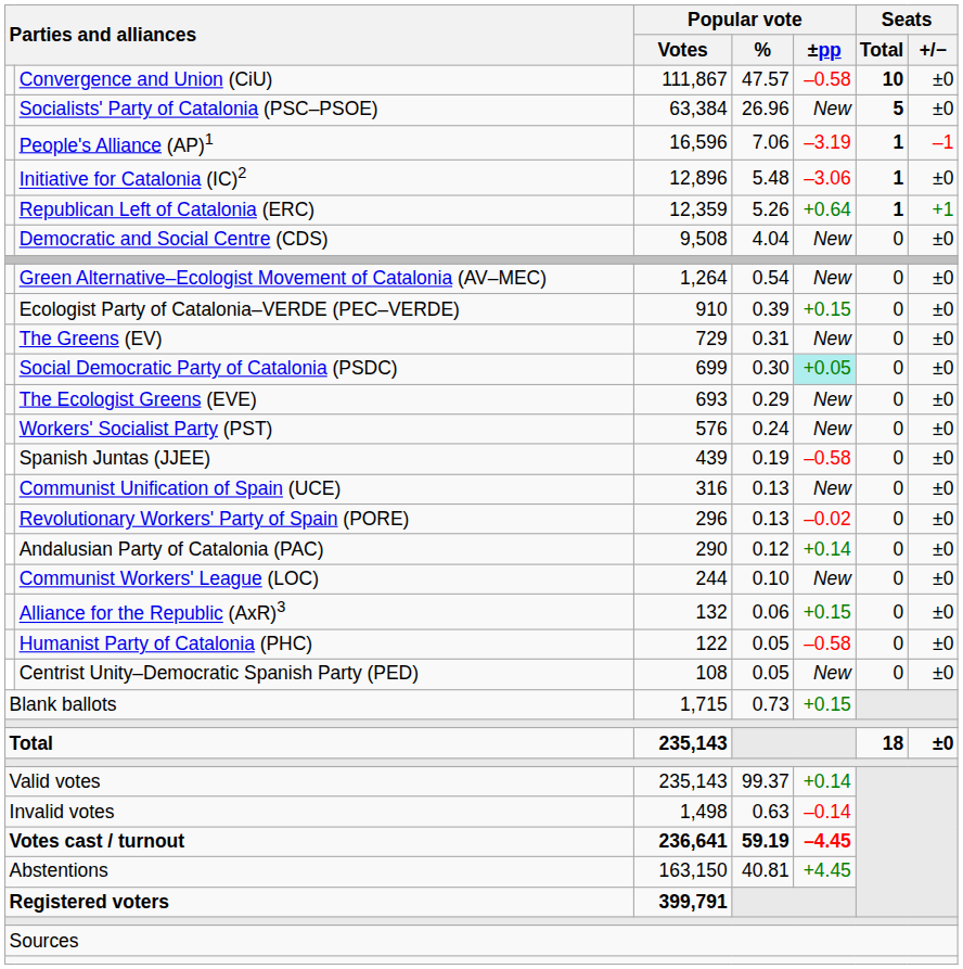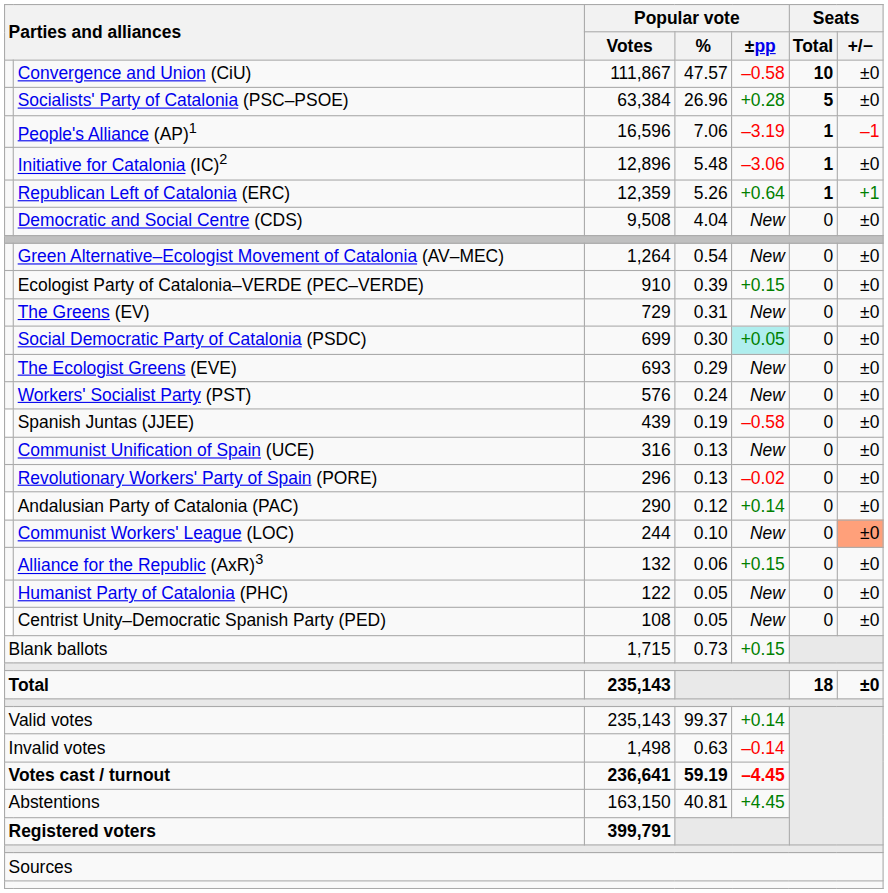 <table class="wikitable" style="text-align:right;">
 <tr>
 <th style="text-align:left;" rowspan="2" colspan="2" width="525">Parties and alliances</th>
 <th colspan="3">Popular vote</th>
 <th colspan="2">Seats</th>
 </tr>
 <tr>
 <th width="75">Votes</th>
 <th width="45">%</th>
 <th width="45">±<a href='#'>pp</a></th>
 <th width="35">Total</th>
 <th width="35">+/−</th>
 </tr>
 <tr>
 <td width="1" style="color:inherit;background:"></td>
 <td align="left"><a href='#'>Convergence and Union</a> (CiU)</td>
 <td>111,867</td>
 <td>47.57</td>
 <td style="color:red;">–0.58</td>
 <td><strong>10</strong></td>
 <td>±0</td>
 </tr>
 <tr>
 <td style="color:inherit;background:"></td>
 <td align="left"><a href='#'>Socialists' Party of Catalonia</a> (PSC–PSOE)</td>
 <td>63,384</td>
 <td>26.96</td>
-<td><em>New</em></td>
+<td style="color:green;">+0.28</td>
 <td><strong>5</strong></td>
 <td>±0</td>
 </tr>
 <tr>
 <td style="color:inherit;background:"></td>
 <td align="left"><a href='#'>People's Alliance</a> (AP)<sup>1</sup></td>
 <td>16,596</td>
 <td>7.06</td>
 <td style="color:red;">–3.19</td>
 <td><strong>1</strong></td>
 <td style="color:red;">–1</td>
 </tr>
 <tr>
 <td style="color:inherit;background:"></td>
 <td align="left"><a href='#'>Initiative for Catalonia</a> (IC)<sup>2</sup></td>
 <td>12,896</td>
 <td>5.48</td>
 <td style="color:red;">–3.06</td>
 <td><strong>1</strong></td>
 <td>±0</td>
 </tr>
 <tr>
 <td style="color:inherit;background:"></td>
 <td align="left"><a href='#'>Republican Left of Catalonia</a> (ERC)</td>
 <td>12,359</td>
 <td>5.26</td>
 <td style="color:green;">+0.64</td>
 <td><strong>1</strong></td>
 <td style="color:green;">+1</td>
 </tr>
 <tr>
 <td style="color:inherit;background:"></td>
 <td align="left"><a href='#'>Democratic and Social Centre</a> (CDS)</td>
 <td>9,508</td>
 <td>4.04</td>
 <td><em>New</em></td>
 <td>0</td>
 <td>±0</td>
 </tr>
 <tr>
 <td colspan="7" bgcolor="#C0C0C0"></td>
 </tr>
 <tr>
 <td style="color:inherit;background:"></td>
 <td align="left"><a href='#'>Green Alternative–Ecologist Movement of Catalonia</a> (AV–MEC)</td>
 <td>1,264</td>
 <td>0.54</td>
 <td><em>New</em></td>
 <td>0</td>
 <td>±0</td>
 </tr>
 <tr>
 <td style="color:inherit;background:"></td>
 <td align="left">Ecologist Party of Catalonia–VERDE (PEC–VERDE)</td>
 <td>910</td>
 <td>0.39</td>
 <td style="color:green;">+0.15</td>
 <td>0</td>
 <td>±0</td>
 </tr>
 <tr>
 <td style="color:inherit;background:"></td>
 <td align="left"><a href='#'>The Greens</a> (EV)</td>
 <td>729</td>
 <td>0.31</td>
 <td><em>New</em></td>
 <td>0</td>
 <td>±0</td>
 </tr>
 <tr>
 <td style="color:inherit;background:"></td>
 <td align="left"><a href='#'>Social Democratic Party of Catalonia</a> (PSDC)</td>
 <td>699</td>
 <td>0.30</td>
 <td style="background: paleturquoise; color:green;">+0.05</td>
 <td>0</td>
 <td>±0</td>
 </tr>
 <tr>
 <td style="color:inherit;background:"></td>
 <td align="left"><a href='#'>The Ecologist Greens</a> (EVE)</td>
 <td>693</td>
 <td>0.29</td>
 <td><em>New</em></td>
 <td>0</td>
 <td>±0</td>
 </tr>
 <tr>
 <td style="color:inherit;background:"></td>
 <td align="left"><a href='#'>Workers' Socialist Party</a> (PST)</td>
 <td>576</td>
 <td>0.24</td>
 <td><em>New</em></td>
 <td>0</td>
 <td>±0</td>
 </tr>
 <tr>
 <td bgcolor="white"></td>
 <td align="left">Spanish Juntas (JJEE)</td>
 <td>439</td>
 <td>0.19</td>
 <td style="color:red;">–0.58</td>
 <td>0</td>
 <td>±0</td>
 </tr>
 <tr>
 <td style="color:inherit;background:"></td>
 <td align="left"><a href='#'>Communist Unification of Spain</a> (UCE)</td>
 <td>316</td>
 <td>0.13</td>
 <td><em>New</em></td>
 <td>0</td>
 <td>±0</td>
 </tr>
 <tr>
 <td style="color:inherit;background:"></td>
 <td align="left"><a href='#'>Revolutionary Workers' Party of Spain</a> (PORE)</td>
 <td>296</td>
 <td>0.13</td>
 <td style="color:red;">–0.02</td>
 <td>0</td>
 <td>±0</td>
 </tr>
 <tr>
 <td bgcolor="white"></td>
 <td align="left">Andalusian Party of Catalonia (PAC)</td>
 <td>290</td>
 <td>0.12</td>
 <td style="color:green;">+0.14</td>
 <td>0</td>
 <td>±0</td>
 </tr>
 <tr>
 <td style="color:inherit;background:"></td>
 <td align="left"><a href='#'>Communist Workers' League</a> (LOC)</td>
 <td>244</td>
 <td>0.10</td>
 <td><em>New</em></td>
 <td>0</td>
-<td>±0</td>
+<td style="background: lightsalmon;">±0</td>
 </tr>
 <tr>
 <td style="color:inherit;background:"></td>
 <td align="left"><a href='#'>Alliance for the Republic</a> (AxR)<sup>3</sup></td>
 <td>132</td>
 <td>0.06</td>
 <td style="color:green;">+0.15</td>
 <td>0</td>
 <td>±0</td>
 </tr>
 <tr>
 <td style="color:inherit;background:"></td>
 <td align="left"><a href='#'>Humanist Party of Catalonia</a> (PHC)</td>
 <td>122</td>
 <td>0.05</td>
-<td style="color:red;">–0.58</td>
+<td><em>New</em></td>
 <td>0</td>
 <td>±0</td>
 </tr>
 <tr>
 <td bgcolor="white"></td>
 <td align="left">Centrist Unity–Democratic Spanish Party (PED)</td>
 <td>108</td>
 <td>0.05</td>
 <td><em>New</em></td>
 <td>0</td>
 <td>±0</td>
 </tr>
 <tr>
 <td align="left" colspan="2">Blank ballots</td>
 <td>1,715</td>
 <td>0.73</td>
 <td style="color:green;">+0.15</td>
 <td bgcolor="#E9E9E9" colspan="2"></td>
 </tr>
 <tr>
 <td colspan="7" bgcolor="#E9E9E9"></td>
 </tr>
 <tr style="font-weight:bold;">
 <td align="left" colspan="2">Total</td>
 <td>235,143</td>
 <td bgcolor="#E9E9E9" colspan="2"></td>
 <td>18</td>
 <td>±0</td>
 </tr>
 <tr>
 <td colspan="7" bgcolor="#E9E9E9"></td>
 </tr>
 <tr>
 <td align="left" colspan="2">Valid votes</td>
 <td>235,143</td>
 <td>99.37</td>
 <td style="color:green;">+0.14</td>
 <td bgcolor="#E9E9E9" colspan="2" rowspan="5"></td>
 </tr>
 <tr>
 <td align="left" colspan="2">Invalid votes</td>
 <td>1,498</td>
 <td>0.63</td>
 <td style="color:red;">–0.14</td>
 </tr>
 <tr style="font-weight:bold;">
 <td align="left" colspan="2">Votes cast / turnout</td>
 <td>236,641</td>
 <td>59.19</td>
 <td style="color:red;">–4.45</td>
 </tr>
 <tr>
 <td align="left" colspan="2">Abstentions</td>
 <td>163,150</td>
 <td>40.81</td>
 <td style="color:green;">+4.45</td>
 </tr>
 <tr style="font-weight:bold;">
 <td align="left" colspan="2">Registered voters</td>
 <td>399,791</td>
 <td bgcolor="#E9E9E9" colspan="2"></td>
 </tr>
 <tr>
 <td colspan="7" bgcolor="#E9E9E9"></td>
 </tr>
 <tr>
 <td align="left" colspan="7">Sources</td>
 </tr>
 <tr>
 <td colspan="7" style="text-align:left; max-width:790px;"></td>
 </tr>
 </table>
